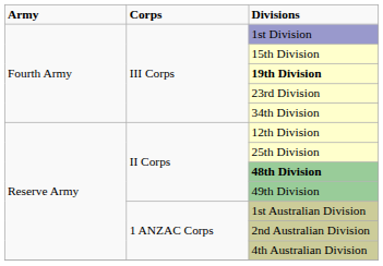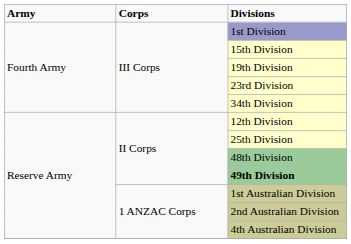 <table class="wikitable">
 <tr>
 <td width="150pt"><strong>Army</strong></td>
 <td width="150pt"><strong>Corps</strong></td>
 <td width="160pt"><strong>Divisions</strong></td>
 </tr>
 <tr>
 <td rowspan="5">Fourth Army</td>
 <td rowspan="5">III Corps</td>
 <td style="background:#9999CC">1st Division</td>
 </tr>
 <tr>
 <td style="background:#FFFFCC;">15th Division</td>
 </tr>
 <tr>
-<td style="background:#FFFFCC;"><strong>19th Division</strong></td>
+<td style="background:#FFFFCC;">19th Division</td>
 </tr>
 <tr>
 <td style="background:#FFFFCC;">23rd Division</td>
 </tr>
 <tr>
 <td style="background:#FFFFCC;">34th Division</td>
 </tr>
 <tr>
 <td rowspan="7">Reserve Army</td>
 <td rowspan="4">II Corps</td>
 <td style="background:#FFFFCC;">12th Division</td>
 </tr>
 <tr>
 <td style="background:#FFFFCC;">25th Division</td>
 </tr>
 <tr>
-<td style="background:#99CC99"><strong>48th Division</strong></td>
+<td style="background:#99CC99">48th Division</td>
 </tr>
 <tr>
-<td style="background:#99CC99">49th Division</td>
+<td style="background:#99CC99"><strong>49th Division</strong></td>
 </tr>
 <tr>
 <td rowspan="3">1 ANZAC Corps</td>
 <td style="background:#CCCC99;">1st Australian Division</td>
 </tr>
 <tr>
 <td style="background:#CCCC99;">2nd Australian Division</td>
 </tr>
 <tr>
 <td style="background:#CCCC99;">4th Australian Division</td>
 </tr>
 <tr>
 </tr>
 </table>
